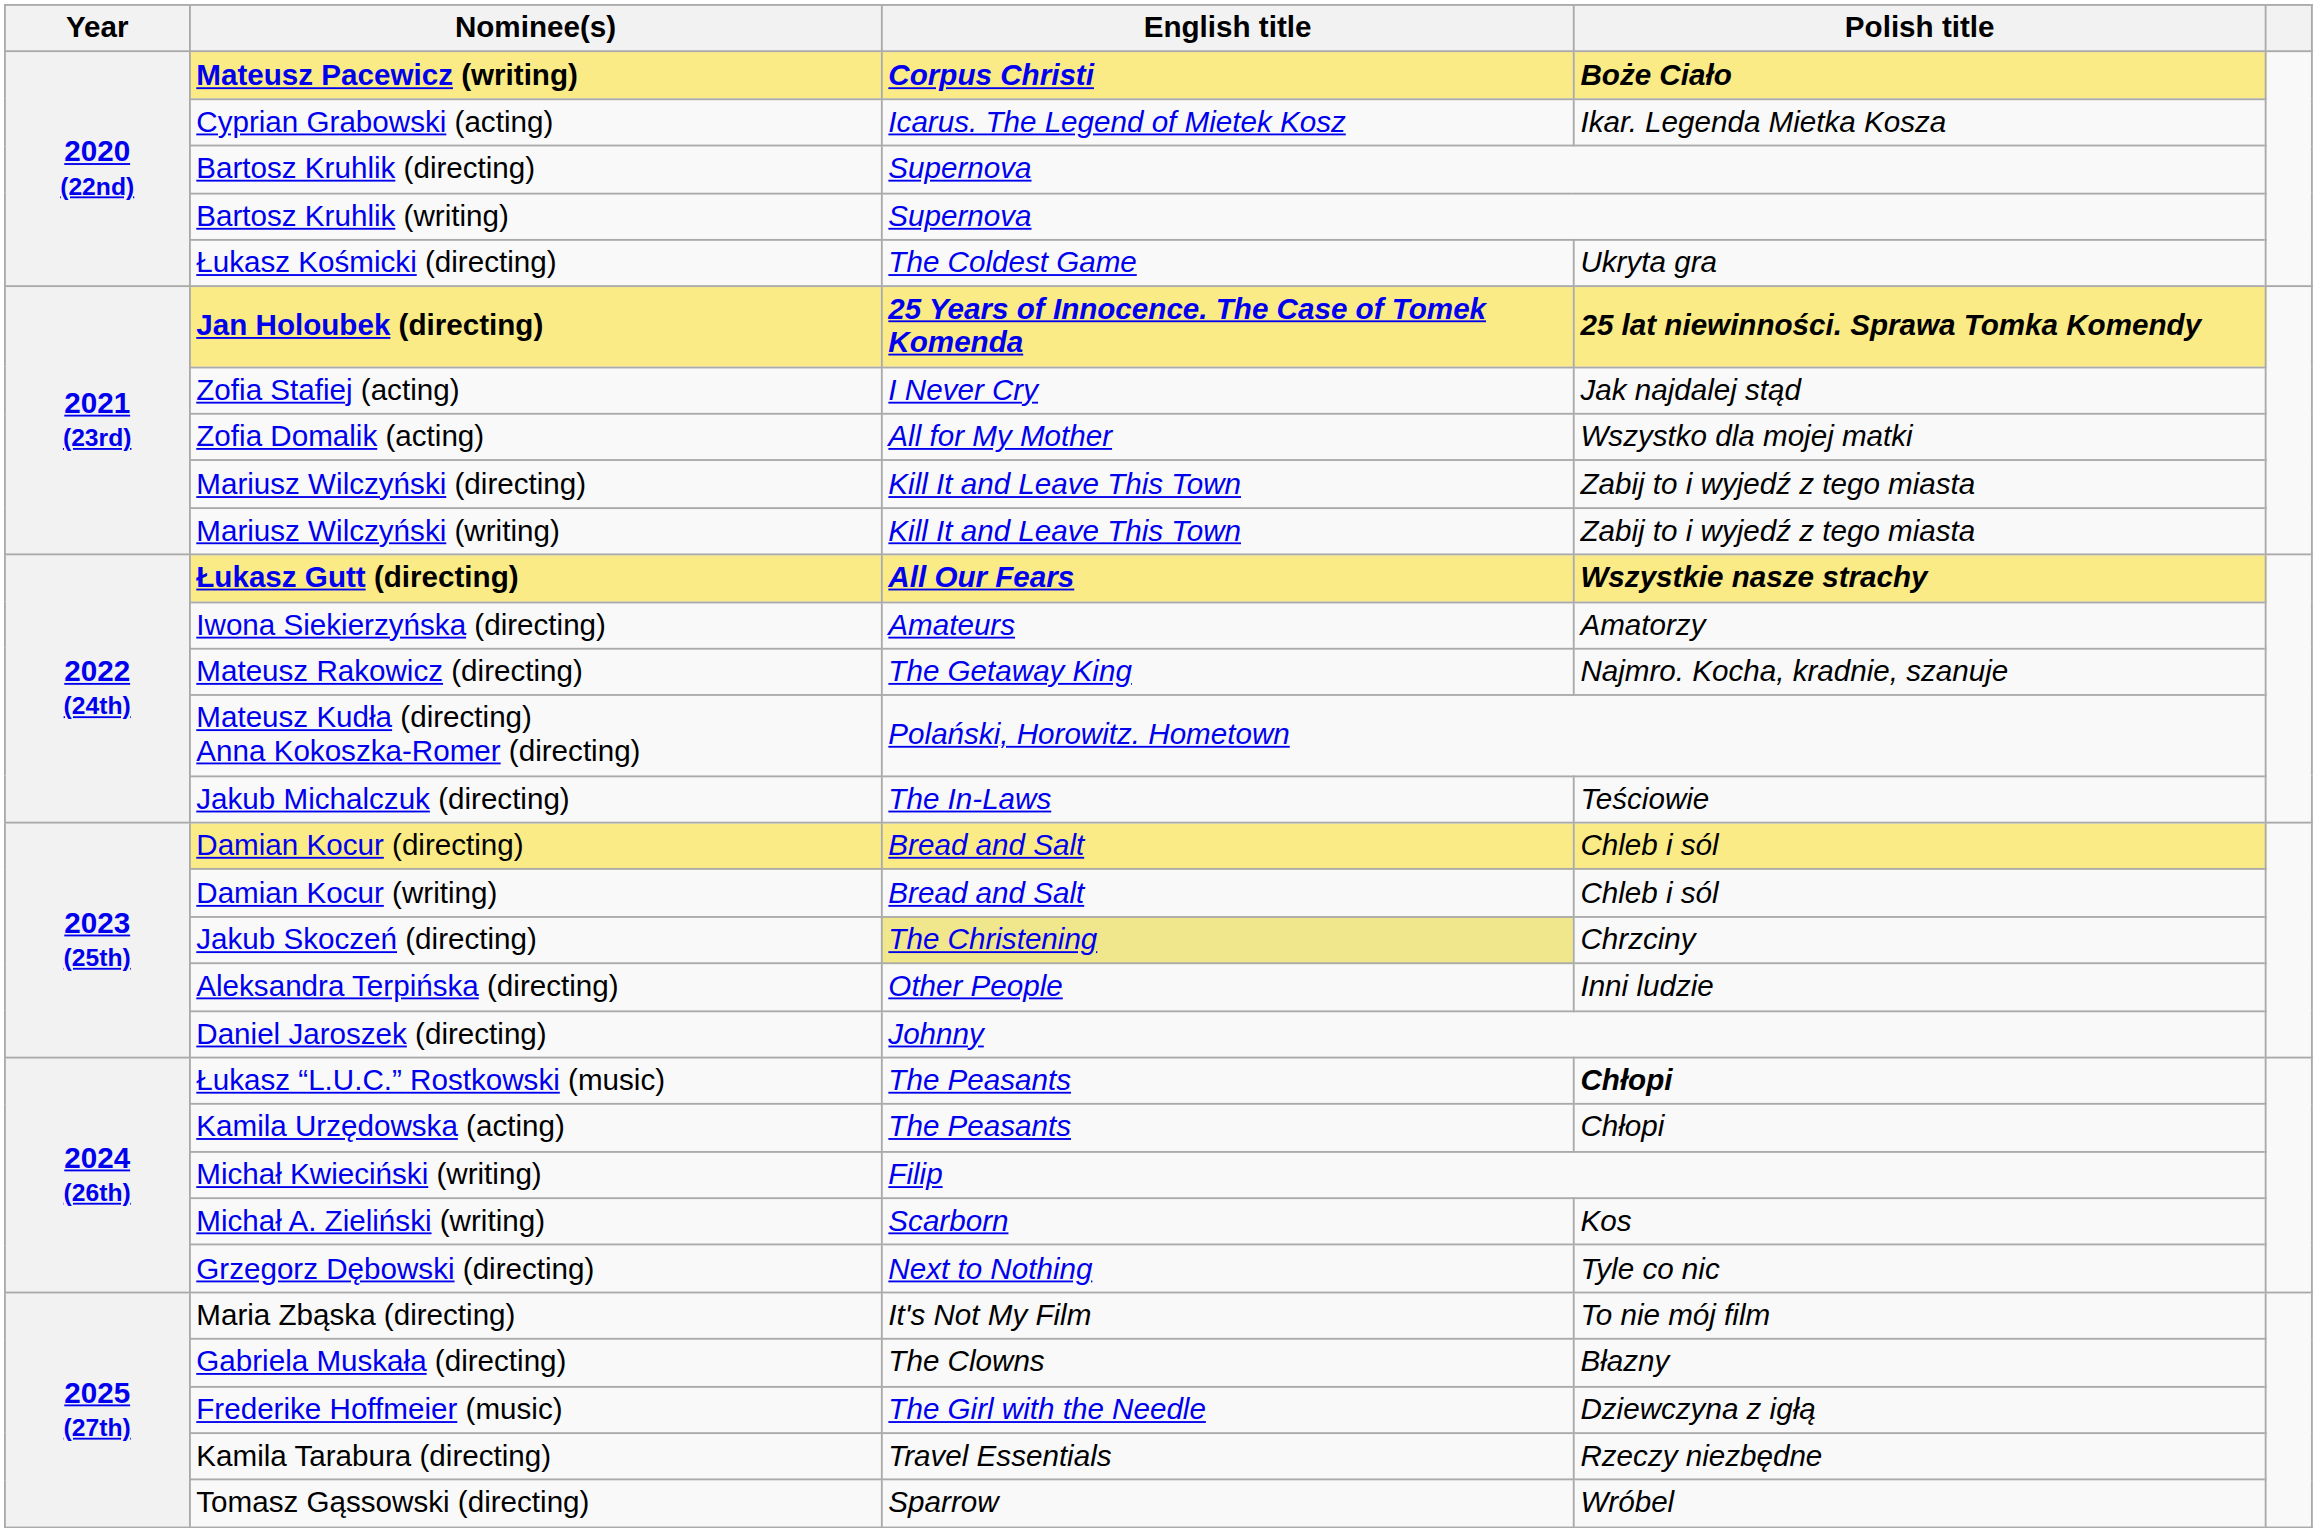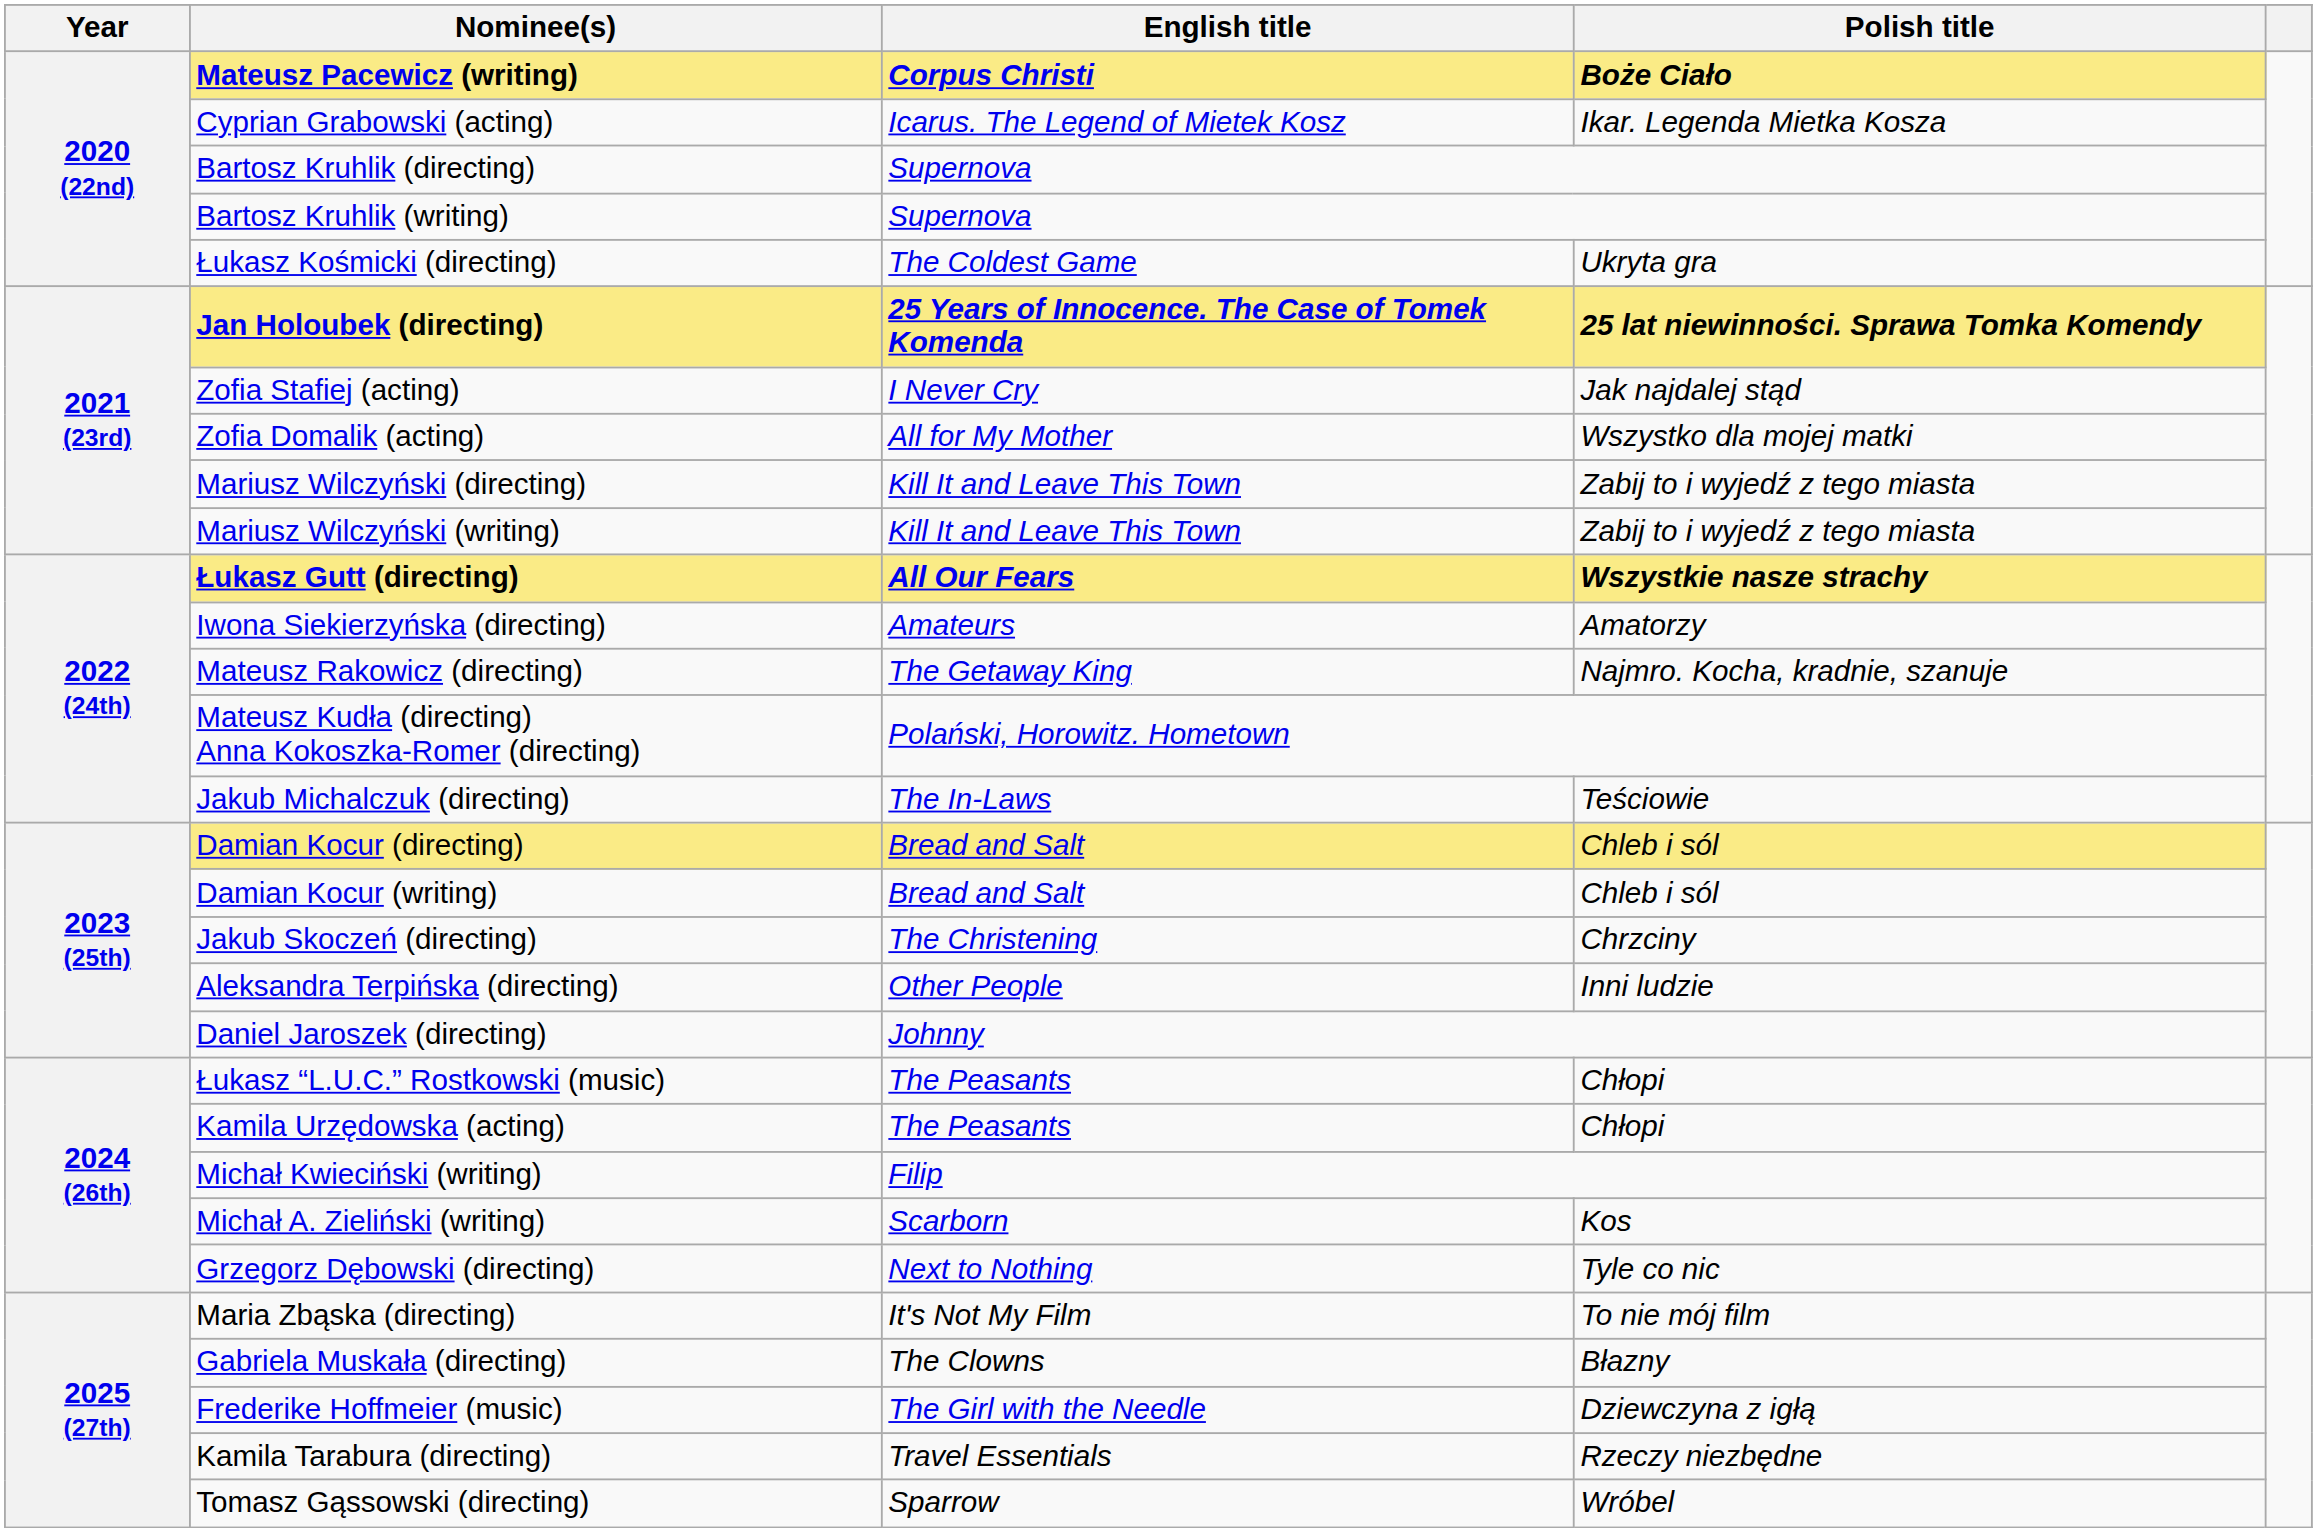 <table class="wikitable sortable">
 <tr>
 <th scope="col" style="width:8%;">Year</th>
 <th scope="col" style="width:30%;"><strong>Nominee(s)</strong></th>
 <th scope="col" style="width:30%;"><strong>English title</strong></th>
 <th><strong>Polish title</strong></th>
 <th scope="col" style="width:2%;" class="unsortable"></th>
 </tr>
 <tr>
 <th scope="row" rowspan=5 style="text-align:center;"><a href='#'>2020</a><br><small><a href='#'>(22nd)</a></small></th>
 <td style="background:#FAEB86;"><strong><a href='#'>Mateusz Pacewicz</a> (writing)</strong></td>
 <td style="background:#FAEB86;"><strong><em><a href='#'>Corpus Christi</a></em></strong></td>
 <td style="background:#FAEB86;"><strong><em>Boże Ciało</em></strong></td>
 <td rowspan="5"></td>
 </tr>
 <tr>
 <td><a href='#'>Cyprian Grabowski</a> (acting)</td>
 <td><em><a href='#'>Icarus. The Legend of Mietek Kosz</a></em></td>
 <td><em>Ikar. Legenda Mietka Kosza</em></td>
 </tr>
 <tr>
 <td><a href='#'>Bartosz Kruhlik</a> (directing)</td>
 <td colspan="2"><em><a href='#'>Supernova</a></em></td>
 </tr>
 <tr>
 <td><a href='#'>Bartosz Kruhlik</a> (writing)</td>
 <td colspan="2"><em><a href='#'>Supernova</a></em></td>
 </tr>
 <tr>
 <td><a href='#'>Łukasz Kośmicki</a> (directing)</td>
 <td><em><a href='#'>The Coldest Game</a></em></td>
 <td><em>Ukryta gra</em></td>
 </tr>
 <tr>
 <th rowspan="5" scope="row" style="text-align:center;"><a href='#'>2021</a><br><small><a href='#'>(23rd)</a></small></th>
 <td style="background:#FAEB86;"><strong><a href='#'>Jan Holoubek</a> (directing)</strong></td>
 <td style="background:#FAEB86;"><strong><em><a href='#'>25 Years of Innocence. The Case of Tomek Komenda</a></em></strong></td>
 <td style="background:#FAEB86;"><strong><em>25 lat niewinności. Sprawa Tomka Komendy</em></strong></td>
 <td rowspan="5"></td>
 </tr>
 <tr>
 <td><a href='#'>Zofia Stafiej</a> (acting)</td>
 <td><em><a href='#'>I Never Cry</a></em></td>
 <td><em>Jak najdalej stąd</em></td>
 </tr>
 <tr>
 <td><a href='#'>Zofia Domalik</a> (acting)</td>
 <td><em><a href='#'>All for My Mother</a></em></td>
 <td><em>Wszystko dla mojej matki</em></td>
 </tr>
 <tr>
 <td><a href='#'>Mariusz Wilczyński</a> (directing)</td>
 <td><em><a href='#'>Kill It and Leave This Town</a></em></td>
 <td><em>Zabij to i wyjedź z tego miasta</em></td>
 </tr>
 <tr>
 <td><a href='#'>Mariusz Wilczyński</a> (writing)</td>
 <td><em><a href='#'>Kill It and Leave This Town</a></em></td>
 <td><em>Zabij to i wyjedź z tego miasta</em></td>
 </tr>
 <tr>
 <th rowspan="5"><a href='#'>2022</a><br><small><a href='#'>(24th)</a></small></th>
 <td style="background:#FAEB86;"><strong><a href='#'>Łukasz Gutt</a> (directing)</strong></td>
 <td style="background:#FAEB86;"><strong><em><a href='#'>All Our Fears</a></em></strong></td>
 <td style="background:#FAEB86;"><strong><em>Wszystkie nasze strachy</em></strong></td>
 <td rowspan="5"></td>
 </tr>
 <tr>
 <td><a href='#'>Iwona Siekierzyńska</a> (directing)</td>
 <td><em><a href='#'>Amateurs</a></em></td>
 <td><em>Amatorzy</em></td>
 </tr>
 <tr>
 <td><a href='#'>Mateusz Rakowicz</a> (directing)</td>
 <td><em><a href='#'>The Getaway King</a></em></td>
 <td><em>Najmro. Kocha, kradnie, szanuje</em></td>
 </tr>
 <tr>
 <td><a href='#'>Mateusz Kudła</a> (directing) <br><a href='#'>Anna Kokoszka-Romer</a> (directing)</td>
 <td colspan="2"><em><a href='#'>Polański, Horowitz. Hometown</a></em></td>
 </tr>
 <tr>
 <td><a href='#'>Jakub Michalczuk</a> (directing)</td>
 <td><em><a href='#'>The In-Laws</a></em></td>
 <td><em>Teściowie</em></td>
 </tr>
 <tr>
 <th rowspan="5"><a href='#'>2023</a><br><small><a href='#'>(25th)</a></small></th>
 <td style="background:#FAEB86;"><a href='#'>Damian Kocur</a> (directing)</td>
 <td style="background:#FAEB86;"><em><a href='#'>Bread and Salt</a></em></td>
 <td style="background:#FAEB86;"><em>Chleb i sól</em></td>
 <td rowspan="5"></td>
 </tr>
 <tr '>
 <td><a href='#'>Damian Kocur</a> (writing)</td>
 <td><em><a href='#'>Bread and Salt</a></em></td>
 <td><em>Chleb i sól</em></td>
 </tr>
 <tr>
 <td><a href='#'>Jakub Skoczeń</a> (directing)</td>
-<td style="background: khaki;"><em><a href='#'>The Christening</a></em></td>
+<td><em><a href='#'>The Christening</a></em></td>
 <td><em>Chrzciny</em></td>
 </tr>
 <tr>
 <td><a href='#'>Aleksandra Terpińska</a> (directing)</td>
 <td><em><a href='#'>Other People</a></em></td>
 <td><em>Inni ludzie</em></td>
 </tr>
 <tr>
 <td><a href='#'>Daniel Jaroszek</a> (directing)</td>
 <td colspan="2"><em><a href='#'>Johnny</a></em></td>
 </tr>
 <tr>
 <th rowspan="5"><a href='#'>2024</a><br><small><a href='#'>(26th)</a></small></th>
 <td><a href='#'>Łukasz “L.U.C.” Rostkowski</a> (music)</td>
 <td><em><a href='#'>The Peasants</a></em></td>
-<td><strong><em>Chłopi</em></strong></td>
+<td><em>Chłopi</em></td>
 <td rowspan="5"></td>
 </tr>
 <tr '>
 <td><a href='#'>Kamila Urzędowska</a> (acting)</td>
 <td><em><a href='#'>The Peasants</a></em></td>
 <td><em>Chłopi</em></td>
 </tr>
 <tr>
 <td><a href='#'>Michał Kwieciński</a> (writing)</td>
 <td colspan="2"><em><a href='#'>Filip</a></em></td>
 </tr>
 <tr>
 <td><a href='#'>Michał A. Zieliński</a> (writing)</td>
 <td><em><a href='#'>Scarborn</a></em></td>
 <td><em>Kos</em></td>
 </tr>
 <tr>
 <td><a href='#'>Grzegorz Dębowski</a> (directing)</td>
 <td><em><a href='#'>Next to Nothing</a></em></td>
 <td><em>Tyle co nic</em></td>
 </tr>
 <tr>
 <th rowspan="5"><a href='#'>2025</a><br><small><a href='#'>(27th)</a></small></th>
 <td>Maria Zbąska (directing)</td>
 <td><em>It's Not My Film</em></td>
 <td><em>To nie mój film</em></td>
 <td rowspan="5"></td>
 </tr>
 <tr>
 <td><a href='#'>Gabriela Muskała</a> (directing)</td>
 <td><em>The Clowns</em></td>
 <td><em>Błazny</em></td>
 </tr>
 <tr>
 <td><a href='#'>Frederike Hoffmeier</a> (music)</td>
 <td><em><a href='#'>The Girl with the Needle</a></em></td>
 <td><em>Dziewczyna z igłą</em></td>
 </tr>
 <tr>
 <td>Kamila Tarabura (directing)</td>
 <td><em>Travel Essentials</em></td>
 <td><em>Rzeczy niezbędne</em></td>
 </tr>
 <tr>
 <td>Tomasz Gąssowski (directing)</td>
 <td><em>Sparrow</em></td>
 <td><em>Wróbel</em></td>
 </tr>
 </table>
